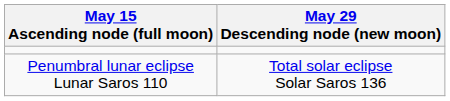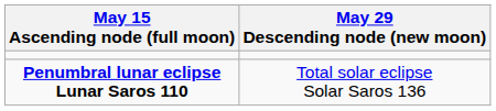 <table class="wikitable">
 <tr>
 <th><a href='#'>May 15</a><br>Ascending node (full moon)</th>
 <th><a href='#'>May 29</a><br>Descending node (new moon)</th>
 </tr>
 <tr>
 <td></td>
 <td></td>
 </tr>
 <tr align=center>
-<td><a href='#'>Penumbral lunar eclipse</a><br>Lunar Saros 110</td>
+<td><strong><a href='#'>Penumbral lunar eclipse</a><br>Lunar Saros 110</strong></td>
 <td><a href='#'>Total solar eclipse</a><br>Solar Saros 136</td>
 </tr>
 </table>
